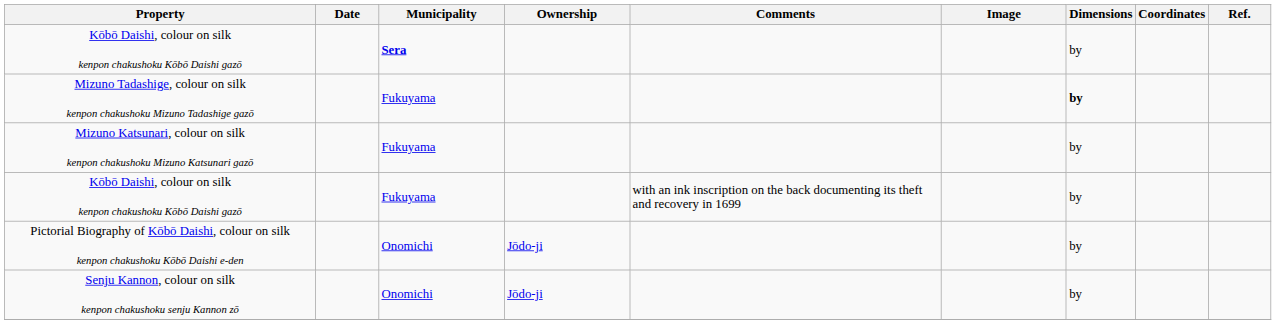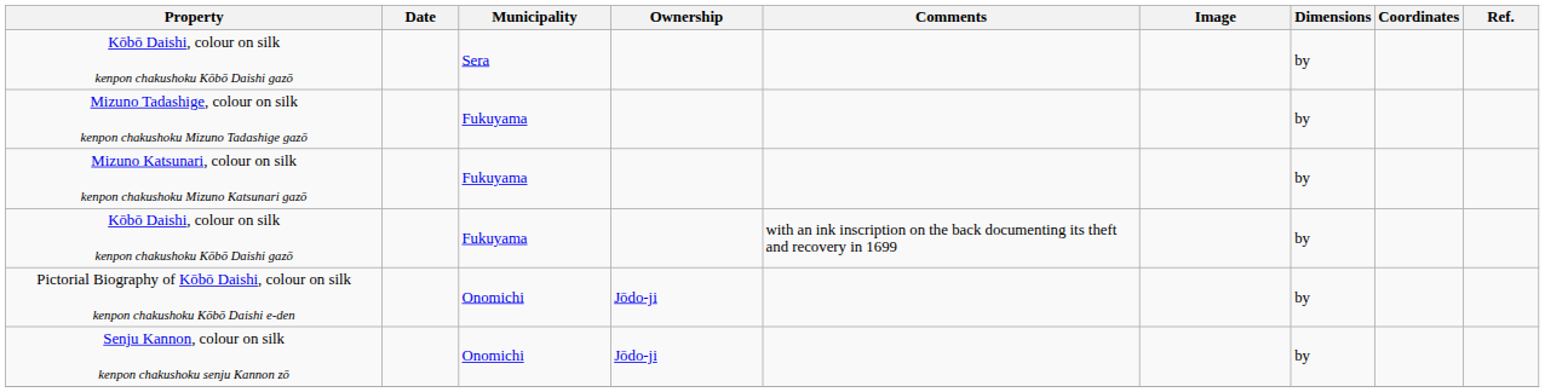 <table class="wikitable sortable"  style="width:100%;">
 <tr>
 <th width="25%" align="left">Property</th>
 <th width="5%" align="left" data-sort-type="number">Date</th>
 <th width="10%" align="left">Municipality</th>
 <th width="10%" align="left">Ownership</th>
 <th width="25%" align="left" class="unsortable">Comments</th>
 <th width="10%" align="left" class="unsortable">Image</th>
 <th width="5%" align="left" class="unsortable">Dimensions</th>
 <th width="5%" align="left" class="unsortable">Coordinates</th>
 <th width="5%" align="left" class="unsortable">Ref.</th>
 </tr>
 <tr>
 <td align="center"><a href='#'>Kōbō Daishi</a>, colour on silk<br><br><small><em>kenpon chakushoku Kōbō Daishi gazō</em></small></td>
 <td></td>
-<td><strong><a href='#'>Sera</a></strong></td>
+<td><a href='#'>Sera</a></td>
 <td></td>
 <td></td>
 <td align="center"></td>
 <td> by </td>
 <td></td>
 <td></td>
 </tr>
 <tr>
 <td align="center"><a href='#'>Mizuno Tadashige</a>, colour on silk<br><br><small><em>kenpon chakushoku Mizuno Tadashige gazō</em></small></td>
 <td></td>
 <td><a href='#'>Fukuyama</a></td>
 <td></td>
 <td></td>
 <td align="center"></td>
-<td><strong> by </strong></td>
+<td> by </td>
 <td></td>
 <td></td>
 </tr>
 <tr>
 <td align="center"><a href='#'>Mizuno Katsunari</a>, colour on silk<br><br><small><em>kenpon chakushoku Mizuno Katsunari gazō</em></small></td>
 <td></td>
 <td><a href='#'>Fukuyama</a></td>
 <td></td>
 <td></td>
 <td></td>
 <td> by </td>
 <td></td>
 <td></td>
 </tr>
 <tr>
 <td align="center"><a href='#'>Kōbō Daishi</a>, colour on silk<br><br><small><em>kenpon chakushoku Kōbō Daishi gazō</em></small></td>
 <td></td>
 <td><a href='#'>Fukuyama</a></td>
 <td></td>
 <td>with an ink inscription on the back documenting its theft and recovery in 1699</td>
 <td></td>
 <td> by </td>
 <td></td>
 <td></td>
 </tr>
 <tr>
 <td align="center">Pictorial Biography of <a href='#'>Kōbō Daishi</a>, colour on silk<br><br><small><em>kenpon chakushoku Kōbō Daishi e-den</em></small></td>
 <td></td>
 <td><a href='#'>Onomichi</a></td>
 <td><a href='#'>Jōdo-ji</a></td>
 <td></td>
 <td align="center"></td>
 <td> by </td>
 <td></td>
 <td></td>
 </tr>
 <tr>
 <td align="center"><a href='#'>Senju Kannon</a>, colour on silk<br><br><small><em>kenpon chakushoku senju Kannon zō</em></small></td>
 <td></td>
 <td><a href='#'>Onomichi</a></td>
 <td><a href='#'>Jōdo-ji</a></td>
 <td></td>
 <td align="center"></td>
 <td> by </td>
 <td></td>
 <td></td>
 </tr>
 <tr>
 </tr>
 </table>
